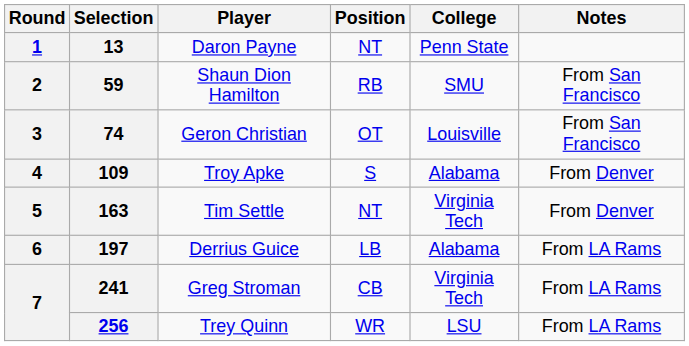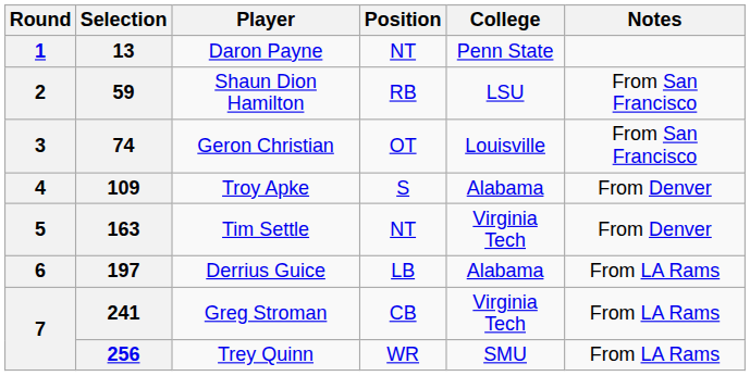 <table class="wikitable" style="text-align:center">
 <tr>
 <th>Round</th>
 <th>Selection</th>
 <th>Player</th>
 <th>Position</th>
 <th>College</th>
 <th>Notes</th>
 </tr>
 <tr>
 <th><a href='#'>1</a></th>
 <th>13</th>
 <td><a href='#'>Daron Payne</a></td>
 <td><a href='#'>NT</a></td>
 <td><a href='#'>Penn State</a></td>
 <td></td>
 </tr>
 <tr>
 <th>2</th>
 <th>59</th>
 <td><a href='#'>Shaun Dion Hamilton</a></td>
 <td><a href='#'>RB</a></td>
-<td><a href='#'>SMU</a></td>
+<td><a href='#'>LSU</a></td>
 <td>From <a href='#'>San Francisco</a></td>
 </tr>
 <tr>
 <th>3</th>
 <th>74</th>
 <td><a href='#'>Geron Christian</a></td>
 <td><a href='#'>OT</a></td>
 <td><a href='#'>Louisville</a></td>
 <td>From <a href='#'>San Francisco</a></td>
 </tr>
 <tr>
 <th>4</th>
 <th>109</th>
 <td><a href='#'>Troy Apke</a></td>
 <td><a href='#'>S</a></td>
 <td><a href='#'>Alabama</a></td>
 <td>From <a href='#'>Denver</a></td>
 </tr>
 <tr>
 <th>5</th>
 <th>163</th>
 <td><a href='#'>Tim Settle</a></td>
 <td><a href='#'>NT</a></td>
 <td><a href='#'>Virginia Tech</a></td>
 <td>From <a href='#'>Denver</a></td>
 </tr>
 <tr>
 <th>6</th>
 <th>197</th>
 <td><a href='#'>Derrius Guice</a></td>
 <td><a href='#'>LB</a></td>
 <td><a href='#'>Alabama</a></td>
 <td>From <a href='#'>LA Rams</a></td>
 </tr>
 <tr>
 <th rowspan="2">7</th>
 <th>241</th>
 <td><a href='#'>Greg Stroman</a></td>
 <td><a href='#'>CB</a></td>
 <td><a href='#'>Virginia Tech</a></td>
 <td>From <a href='#'>LA Rams</a></td>
 </tr>
 <tr>
 <th><a href='#'>256</a></th>
 <td><a href='#'>Trey Quinn</a></td>
 <td><a href='#'>WR</a></td>
-<td><a href='#'>LSU</a></td>
+<td><a href='#'>SMU</a></td>
 <td>From <a href='#'>LA Rams</a></td>
 </tr>
 </table>
